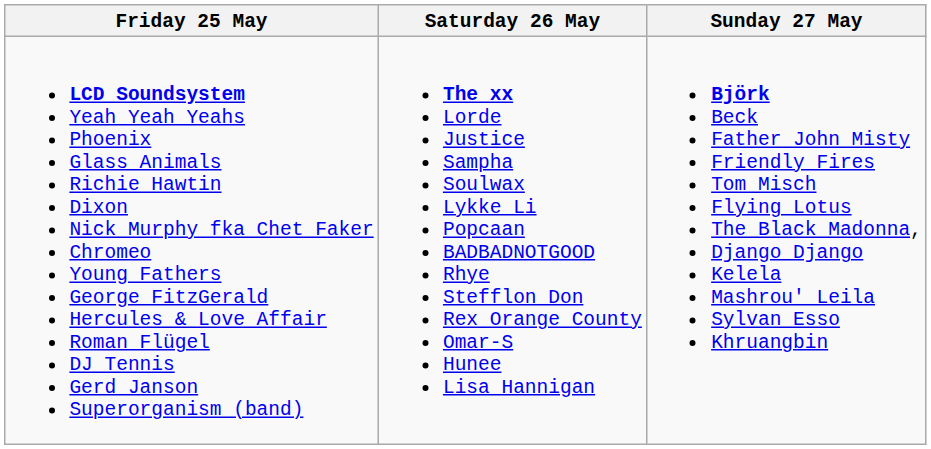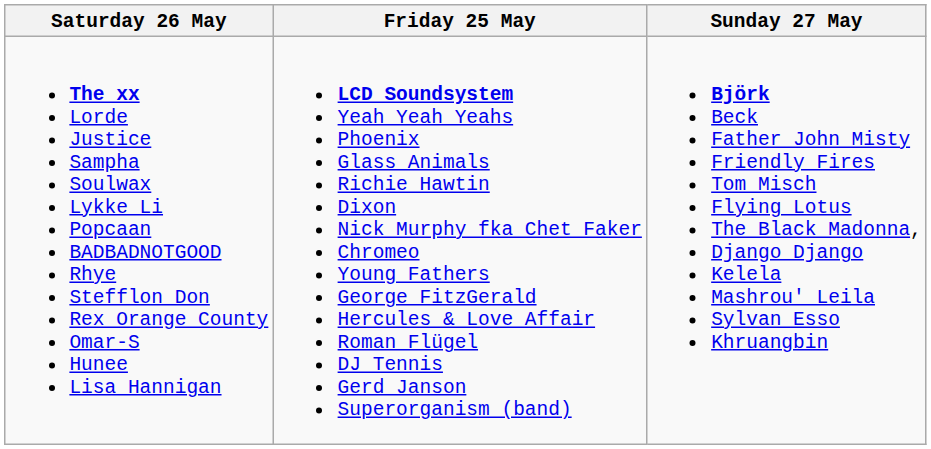 <table class="wikitable">
 <tr>
+<th>Saturday 26 May</th>
 <th>Friday 25 May</th>
-<th>Saturday 26 May</th>
 <th>Sunday 27 May</th>
 </tr>
 <tr>
+<td style="vertical-align:top;"><br><ul><li><strong><a href='#'>The xx</a></strong></li><li><a href='#'>Lorde</a></li><li><a href='#'>Justice</a></li><li><a href='#'>Sampha</a></li><li><a href='#'>Soulwax</a></li><li><a href='#'>Lykke Li</a></li><li><a href='#'>Popcaan</a></li><li><a href='#'>BADBADNOTGOOD</a></li><li><a href='#'>Rhye</a></li><li><a href='#'>Stefflon Don</a></li><li><a href='#'>Rex Orange County</a></li><li><a href='#'>Omar-S</a></li><li><a href='#'>Hunee</a></li><li><a href='#'>Lisa Hannigan</a></li></ul></td>
 <td style="vertical-align:top;"><br><ul><li><strong><a href='#'>LCD Soundsystem</a></strong></li><li><a href='#'>Yeah Yeah Yeahs</a></li><li><a href='#'>Phoenix</a></li><li><a href='#'>Glass Animals</a></li><li><a href='#'>Richie Hawtin</a></li><li><a href='#'>Dixon</a></li><li><a href='#'>Nick Murphy fka Chet Faker</a></li><li><a href='#'>Chromeo</a></li><li><a href='#'>Young Fathers</a></li><li><a href='#'>George FitzGerald</a></li><li><a href='#'>Hercules & Love Affair</a></li><li><a href='#'>Roman Flügel</a></li><li><a href='#'>DJ Tennis</a></li><li><a href='#'>Gerd Janson</a></li><li><a href='#'>Superorganism (band)</a></li></ul></td>
-<td style="vertical-align:top;"><br><ul><li><strong><a href='#'>The xx</a></strong></li><li><a href='#'>Lorde</a></li><li><a href='#'>Justice</a></li><li><a href='#'>Sampha</a></li><li><a href='#'>Soulwax</a></li><li><a href='#'>Lykke Li</a></li><li><a href='#'>Popcaan</a></li><li><a href='#'>BADBADNOTGOOD</a></li><li><a href='#'>Rhye</a></li><li><a href='#'>Stefflon Don</a></li><li><a href='#'>Rex Orange County</a></li><li><a href='#'>Omar-S</a></li><li><a href='#'>Hunee</a></li><li><a href='#'>Lisa Hannigan</a></li></ul></td>
 <td style="vertical-align:top;"><br><ul><li><strong><a href='#'>Björk</a></strong></li><li><a href='#'>Beck</a></li><li><a href='#'>Father John Misty</a></li><li><a href='#'>Friendly Fires</a></li><li><a href='#'>Tom Misch</a></li><li><a href='#'>Flying Lotus</a></li><li><a href='#'>The Black Madonna</a>,</li><li><a href='#'>Django Django</a></li><li><a href='#'>Kelela</a></li><li><a href='#'>Mashrou' Leila</a></li><li><a href='#'>Sylvan Esso</a></li><li><a href='#'>Khruangbin</a></li></ul></td>
 </tr>
 </table>
